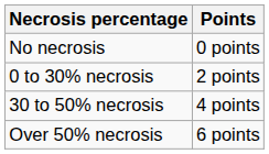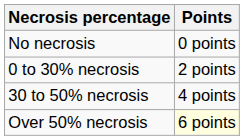 <table class="wikitable">
 <tr>
 <th>Necrosis percentage</th>
 <th>Points</th>
 </tr>
 <tr>
 <td>No necrosis</td>
 <td>0 points</td>
 </tr>
 <tr>
 <td>0 to 30% necrosis</td>
 <td>2 points</td>
 </tr>
 <tr>
 <td>30 to 50% necrosis</td>
 <td>4 points</td>
 </tr>
 <tr>
 <td>Over 50% necrosis</td>
-<td>6 points</td>
+<td style="background: lightyellow;">6 points</td>
 </tr>
 </table>
